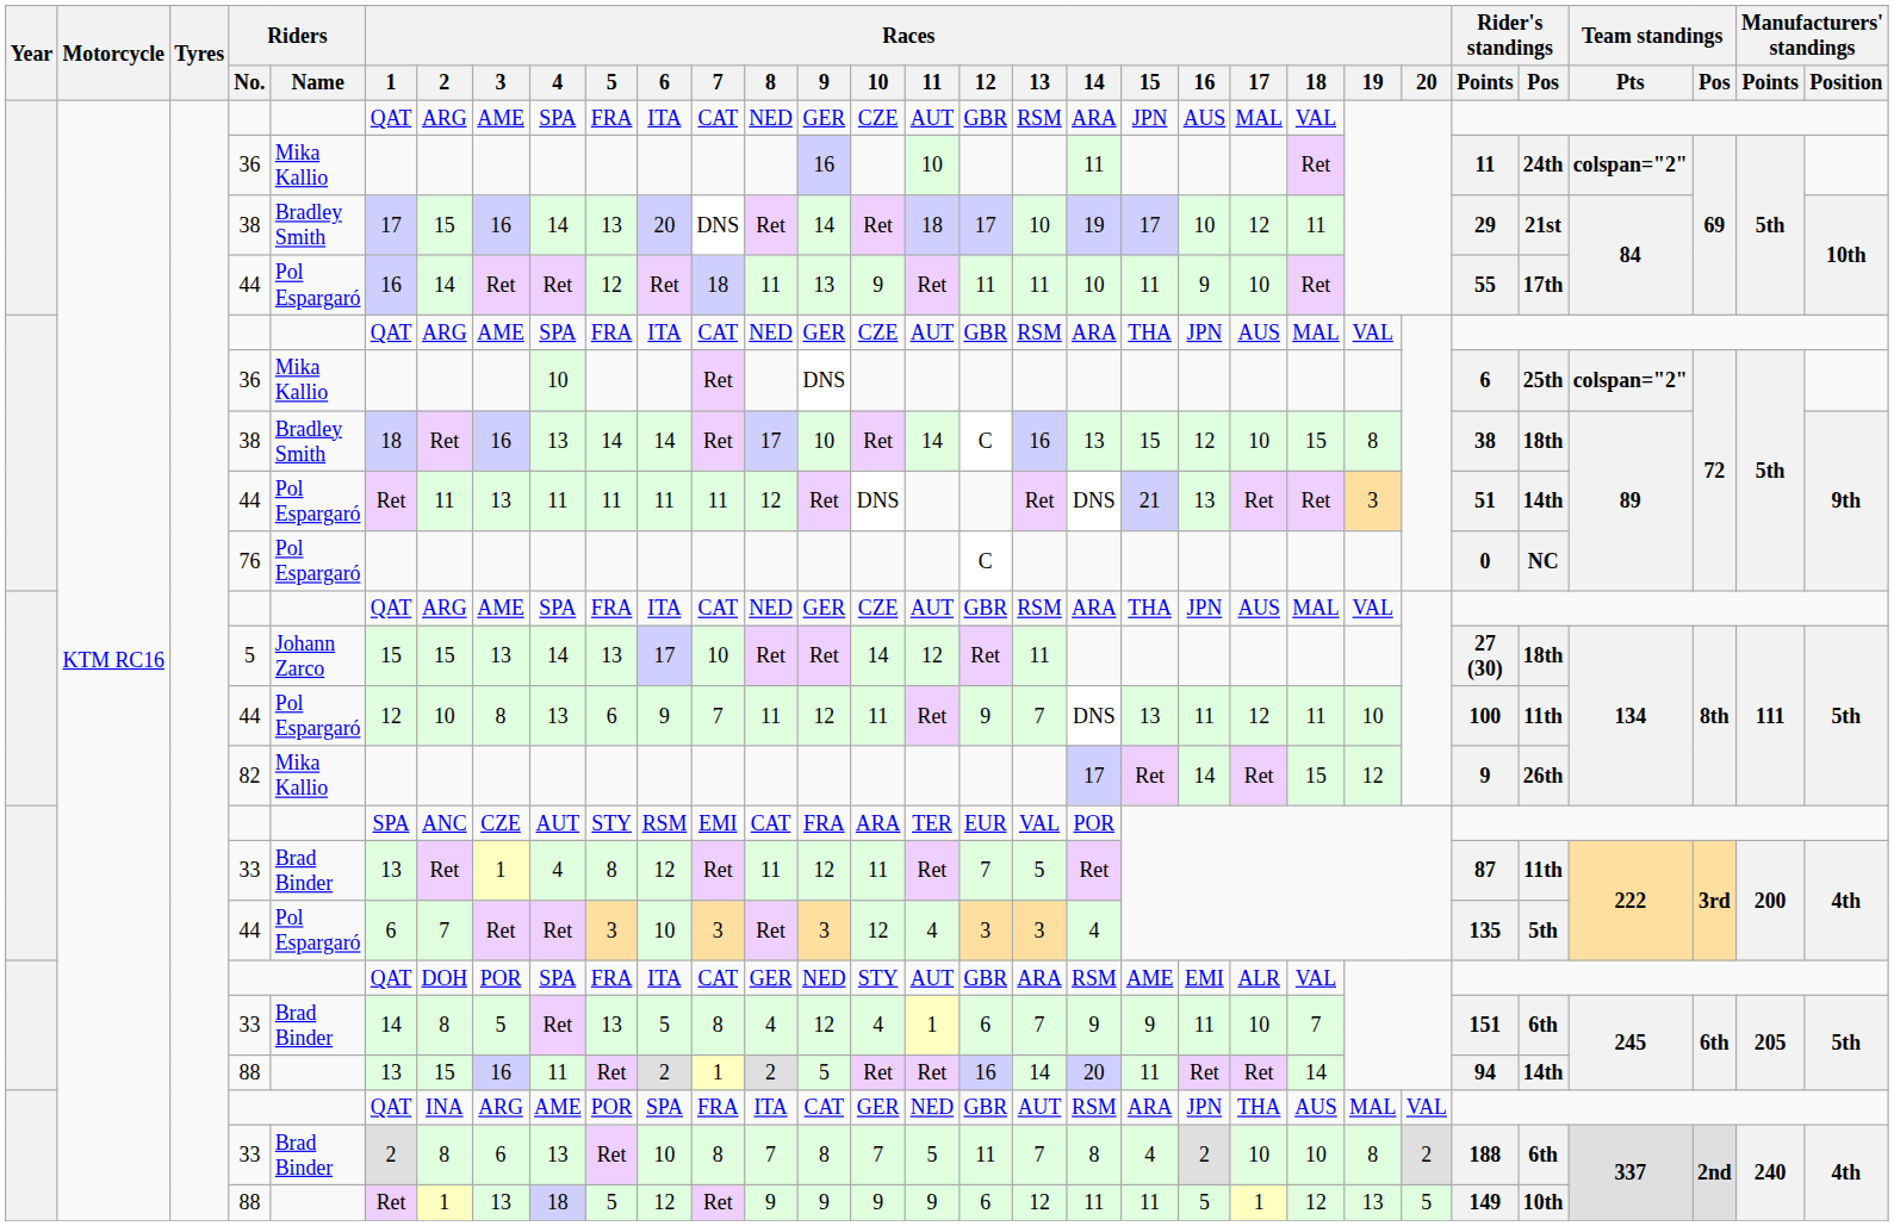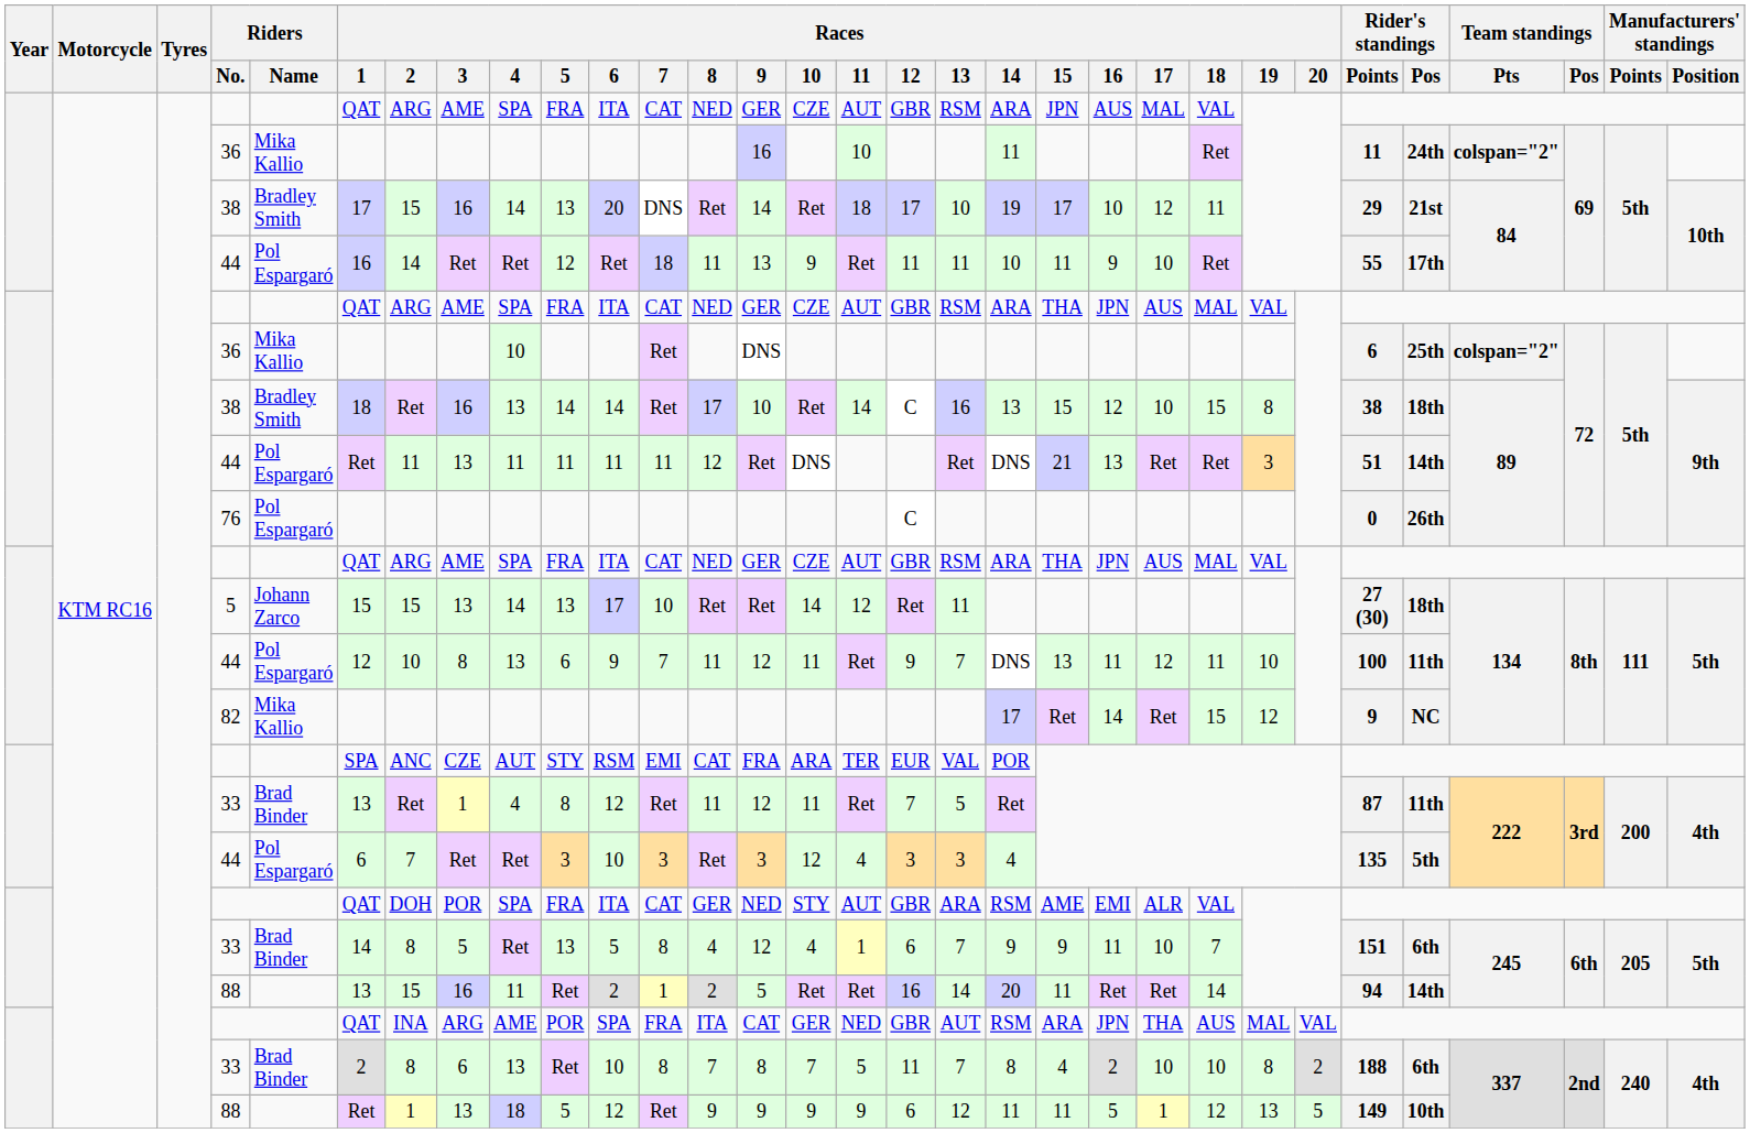 <table class="wikitable" border="1" style="text-align:center; font-size: 95%">
 <tr>
 <th rowspan="2">Year</th>
 <th rowspan="2">Motorcycle</th>
 <th rowspan="2">Tyres</th>
 <th colspan="2">Riders</th>
 <th colspan="20">Races</th>
 <th colspan="2">Rider's standings</th>
 <th colspan="2">Team standings</th>
 <th colspan="2">Manufacturers' standings</th>
 </tr>
 <tr>
 <th>No.</th>
 <th>Name</th>
 <th>1</th>
 <th>2</th>
 <th>3</th>
 <th>4</th>
 <th>5</th>
 <th>6</th>
 <th>7</th>
 <th>8</th>
 <th>9</th>
 <th>10</th>
 <th>11</th>
 <th>12</th>
 <th>13</th>
 <th>14</th>
 <th>15</th>
 <th>16</th>
 <th>17</th>
 <th>18</th>
 <th>19</th>
 <th>20</th>
 <th>Points</th>
 <th>Pos</th>
 <th>Pts</th>
 <th>Pos</th>
 <th>Points</th>
 <th>Position</th>
 </tr>
 <tr>
 <th rowspan="4"></th>
 <td rowspan="22"><a href='#'>KTM RC16</a></td>
 <td rowspan="22"></td>
 <td></td>
 <td></td>
 <td><a href='#'>QAT</a></td>
 <td><a href='#'>ARG</a></td>
 <td><a href='#'>AME</a></td>
 <td><a href='#'>SPA</a></td>
 <td><a href='#'>FRA</a></td>
 <td><a href='#'>ITA</a></td>
 <td><a href='#'>CAT</a></td>
 <td><a href='#'>NED</a></td>
 <td><a href='#'>GER</a></td>
 <td><a href='#'>CZE</a></td>
 <td><a href='#'>AUT</a></td>
 <td><a href='#'>GBR</a></td>
 <td><a href='#'>RSM</a></td>
 <td><a href='#'>ARA</a></td>
 <td><a href='#'>JPN</a></td>
 <td><a href='#'>AUS</a></td>
 <td><a href='#'>MAL</a></td>
 <td><a href='#'>VAL</a></td>
 <td rowspan="4" colspan="2"></td>
 <td colspan="6"></td>
 </tr>
 <tr>
 <td>36</td>
 <td align="left"> <a href='#'>Mika Kallio</a></td>
 <td></td>
 <td></td>
 <td></td>
 <td></td>
 <td></td>
 <td></td>
 <td></td>
 <td></td>
 <td style="background:#cfcfff;">16</td>
 <td></td>
 <td style="background:#dfffdf;">10</td>
 <td></td>
 <td></td>
 <td style="background:#dfffdf;">11</td>
 <td></td>
 <td></td>
 <td></td>
 <td style="background:#efcfff;">Ret</td>
 <th>11</th>
 <th>24th</th>
 <th>colspan="2" </th>
 <th rowspan="3">69</th>
 <th rowspan="3">5th</th>
 </tr>
 <tr>
 <td>38</td>
 <td align="left"> <a href='#'>Bradley Smith</a></td>
 <td style="background:#cfcfff;">17</td>
 <td style="background:#dfffdf;">15</td>
 <td style="background:#cfcfff;">16</td>
 <td style="background:#dfffdf;">14</td>
 <td style="background:#dfffdf;">13</td>
 <td style="background:#cfcfff;">20</td>
 <td style="background:#ffffff;">DNS</td>
 <td style="background:#efcfff;">Ret</td>
 <td style="background:#dfffdf;">14</td>
 <td style="background:#efcfff;">Ret</td>
 <td style="background:#cfcfff;">18</td>
 <td style="background:#cfcfff;">17</td>
 <td style="background:#dfffdf;">10</td>
 <td style="background:#cfcfff;">19</td>
 <td style="background:#cfcfff;">17</td>
 <td style="background:#dfffdf;">10</td>
 <td style="background:#dfffdf;">12</td>
 <td style="background:#dfffdf;">11</td>
 <th>29</th>
 <th>21st</th>
 <th rowspan="2">84</th>
 <th rowspan="2">10th</th>
 </tr>
 <tr>
 <td>44</td>
 <td align="left"> <a href='#'>Pol Espargaró</a></td>
 <td style="background:#cfcfff;">16</td>
 <td style="background:#dfffdf;">14</td>
 <td style="background:#efcfff;">Ret</td>
 <td style="background:#efcfff;">Ret</td>
 <td style="background:#dfffdf;">12</td>
 <td style="background:#efcfff;">Ret</td>
 <td style="background:#cfcfff;">18</td>
 <td style="background:#dfffdf;">11</td>
 <td style="background:#dfffdf;">13</td>
 <td style="background:#dfffdf;">9</td>
 <td style="background:#efcfff;">Ret</td>
 <td style="background:#dfffdf;">11</td>
 <td style="background:#dfffdf;">11</td>
 <td style="background:#dfffdf;">10</td>
 <td style="background:#dfffdf;">11</td>
 <td style="background:#dfffdf;">9</td>
 <td style="background:#dfffdf;">10</td>
 <td style="background:#efcfff;">Ret</td>
 <th>55</th>
 <th>17th</th>
 </tr>
 <tr>
 <th rowspan="5"></th>
 <td></td>
 <td></td>
 <td><a href='#'>QAT</a></td>
 <td><a href='#'>ARG</a></td>
 <td><a href='#'>AME</a></td>
 <td><a href='#'>SPA</a></td>
 <td><a href='#'>FRA</a></td>
 <td><a href='#'>ITA</a></td>
 <td><a href='#'>CAT</a></td>
 <td><a href='#'>NED</a></td>
 <td><a href='#'>GER</a></td>
 <td><a href='#'>CZE</a></td>
 <td><a href='#'>AUT</a></td>
 <td><a href='#'>GBR</a></td>
 <td><a href='#'>RSM</a></td>
 <td><a href='#'>ARA</a></td>
 <td><a href='#'>THA</a></td>
 <td><a href='#'>JPN</a></td>
 <td><a href='#'>AUS</a></td>
 <td><a href='#'>MAL</a></td>
 <td><a href='#'>VAL</a></td>
 <td rowspan="5"></td>
 <td colspan="6"></td>
 </tr>
 <tr>
 <td>36</td>
 <td align="left"> <a href='#'>Mika Kallio</a></td>
 <td></td>
 <td></td>
 <td></td>
 <td style="background:#dfffdf;">10</td>
 <td></td>
 <td></td>
 <td style="background:#efcfff;">Ret</td>
 <td></td>
 <td style="background:#ffffff;">DNS</td>
 <td></td>
 <td></td>
 <td></td>
 <td></td>
 <td></td>
 <td></td>
 <td></td>
 <td></td>
 <td></td>
 <td></td>
 <th>6</th>
 <th>25th</th>
 <th>colspan="2" </th>
 <th rowspan="4">72</th>
 <th rowspan="4">5th</th>
 </tr>
 <tr>
 <td>38</td>
 <td align="left"> <a href='#'>Bradley Smith</a></td>
 <td style="background:#cfcfff;">18</td>
 <td style="background:#efcfff;">Ret</td>
 <td style="background:#cfcfff;">16</td>
 <td style="background:#dfffdf;">13</td>
 <td style="background:#dfffdf;">14</td>
 <td style="background:#dfffdf;">14</td>
 <td style="background:#efcfff;">Ret</td>
 <td style="background:#cfcfff;">17</td>
 <td style="background:#dfffdf;">10</td>
 <td style="background:#efcfff;">Ret</td>
 <td style="background:#dfffdf;">14</td>
 <td style="background:#ffffff;">C</td>
 <td style="background:#cfcfff;">16</td>
 <td style="background:#dfffdf;">13</td>
 <td style="background:#dfffdf;">15</td>
 <td style="background:#dfffdf;">12</td>
 <td style="background:#dfffdf;">10</td>
 <td style="background:#dfffdf;">15</td>
 <td style="background:#dfffdf;">8</td>
 <th>38</th>
 <th>18th</th>
 <th rowspan="3">89</th>
 <th rowspan="3">9th</th>
 </tr>
 <tr>
 <td>44</td>
 <td align="left"> <a href='#'>Pol Espargaró</a></td>
 <td style="background:#efcfff;">Ret</td>
 <td style="background:#dfffdf;">11</td>
 <td style="background:#dfffdf;">13</td>
 <td style="background:#dfffdf;">11</td>
 <td style="background:#dfffdf;">11</td>
 <td style="background:#dfffdf;">11</td>
 <td style="background:#dfffdf;">11</td>
 <td style="background:#dfffdf;">12</td>
 <td style="background:#efcfff;">Ret</td>
 <td style="background:#ffffff;">DNS</td>
 <td></td>
 <td></td>
 <td style="background:#efcfff;">Ret</td>
 <td style="background:#ffffff;">DNS</td>
 <td style="background:#cfcfff;">21</td>
 <td style="background:#dfffdf;">13</td>
 <td style="background:#efcfff;">Ret</td>
 <td style="background:#efcfff;">Ret</td>
 <td style="background:#ffdf9f;">3</td>
 <th>51</th>
 <th>14th</th>
 </tr>
 <tr>
 <td>76</td>
 <td align="left"> <a href='#'>Pol Espargaró</a></td>
 <td></td>
 <td></td>
 <td></td>
 <td></td>
 <td></td>
 <td></td>
 <td></td>
 <td></td>
 <td></td>
 <td></td>
 <td></td>
 <td style="background:#ffffff;">C</td>
 <td></td>
 <td></td>
 <td></td>
 <td></td>
 <td></td>
 <td></td>
 <td></td>
 <th>0</th>
-<th>NC</th>
+<th>26th</th>
 </tr>
 <tr>
 <th rowspan="4"></th>
 <td></td>
 <td></td>
 <td><a href='#'>QAT</a></td>
 <td><a href='#'>ARG</a></td>
 <td><a href='#'>AME</a></td>
 <td><a href='#'>SPA</a></td>
 <td><a href='#'>FRA</a></td>
 <td><a href='#'>ITA</a></td>
 <td><a href='#'>CAT</a></td>
 <td><a href='#'>NED</a></td>
 <td><a href='#'>GER</a></td>
 <td><a href='#'>CZE</a></td>
 <td><a href='#'>AUT</a></td>
 <td><a href='#'>GBR</a></td>
 <td><a href='#'>RSM</a></td>
 <td><a href='#'>ARA</a></td>
 <td><a href='#'>THA</a></td>
 <td><a href='#'>JPN</a></td>
 <td><a href='#'>AUS</a></td>
 <td><a href='#'>MAL</a></td>
 <td><a href='#'>VAL</a></td>
 <td rowspan="4"></td>
 <td colspan="6"></td>
 </tr>
 <tr>
 <td>5</td>
 <td align="left"> <a href='#'>Johann Zarco</a></td>
 <td style="background:#dfffdf;">15</td>
 <td style="background:#dfffdf;">15</td>
 <td style="background:#dfffdf;">13</td>
 <td style="background:#dfffdf;">14</td>
 <td style="background:#dfffdf;">13</td>
 <td style="background:#cfcfff;">17</td>
 <td style="background:#dfffdf;">10</td>
 <td style="background:#efcfff;">Ret</td>
 <td style="background:#efcfff;">Ret</td>
 <td style="background:#dfffdf;">14</td>
 <td style="background:#dfffdf;">12</td>
 <td style="background:#efcfff;">Ret</td>
 <td style="background:#dfffdf;">11</td>
 <td></td>
 <td></td>
 <td></td>
 <td></td>
 <td></td>
 <td></td>
 <th>27 (30)</th>
 <th>18th</th>
 <th rowspan="3">134</th>
 <th rowspan="3">8th</th>
 <th rowspan="3">111</th>
 <th rowspan="3">5th</th>
 </tr>
 <tr>
 <td>44</td>
 <td align="left"> <a href='#'>Pol Espargaró</a></td>
 <td style="background:#dfffdf;">12</td>
 <td style="background:#dfffdf;">10</td>
 <td style="background:#dfffdf;">8</td>
 <td style="background:#dfffdf;">13</td>
 <td style="background:#dfffdf;">6</td>
 <td style="background:#dfffdf;">9</td>
 <td style="background:#dfffdf;">7</td>
 <td style="background:#dfffdf;">11</td>
 <td style="background:#dfffdf;">12</td>
 <td style="background:#dfffdf;">11</td>
 <td style="background:#efcfff;">Ret</td>
 <td style="background:#dfffdf;">9</td>
 <td style="background:#dfffdf;">7</td>
 <td style="background:#ffffff;">DNS</td>
 <td style="background:#dfffdf;">13</td>
 <td style="background:#dfffdf;">11</td>
 <td style="background:#dfffdf;">12</td>
 <td style="background:#dfffdf;">11</td>
 <td style="background:#dfffdf;">10</td>
 <th>100</th>
 <th>11th</th>
 </tr>
 <tr>
 <td>82</td>
 <td align="left"> <a href='#'>Mika Kallio</a></td>
 <td></td>
 <td></td>
 <td></td>
 <td></td>
 <td></td>
 <td></td>
 <td></td>
 <td></td>
 <td></td>
 <td></td>
 <td></td>
 <td></td>
 <td></td>
 <td style="background:#cfcfff;">17</td>
 <td style="background:#efcfff;">Ret</td>
 <td style="background:#dfffdf;">14</td>
 <td style="background:#efcfff;">Ret</td>
 <td style="background:#dfffdf;">15</td>
 <td style="background:#dfffdf;">12</td>
 <th>9</th>
-<th>26th</th>
+<th>NC</th>
 </tr>
 <tr>
 <th rowspan="3"></th>
 <td></td>
 <td></td>
 <td><a href='#'>SPA</a></td>
 <td><a href='#'>ANC</a></td>
 <td><a href='#'>CZE</a></td>
 <td><a href='#'>AUT</a></td>
 <td><a href='#'>STY</a></td>
 <td><a href='#'>RSM</a></td>
 <td><a href='#'>EMI</a></td>
 <td><a href='#'>CAT</a></td>
 <td><a href='#'>FRA</a></td>
 <td><a href='#'>ARA</a></td>
 <td><a href='#'>TER</a></td>
 <td><a href='#'>EUR</a></td>
 <td><a href='#'>VAL</a></td>
 <td><a href='#'>POR</a></td>
 <td rowspan="3" colspan="6"></td>
 <td colspan="6"></td>
 </tr>
 <tr>
 <td>33</td>
 <td align="left"> <a href='#'>Brad Binder</a></td>
 <td style="background:#dfffdf;">13</td>
 <td style="background:#efcfff;">Ret</td>
 <td style="background:#ffffbf;">1</td>
 <td style="background:#dfffdf;">4</td>
 <td style="background:#dfffdf;">8</td>
 <td style="background:#dfffdf;">12</td>
 <td style="background:#efcfff;">Ret</td>
 <td style="background:#dfffdf;">11</td>
 <td style="background:#dfffdf;">12</td>
 <td style="background:#dfffdf;">11</td>
 <td style="background:#efcfff;">Ret</td>
 <td style="background:#dfffdf;">7</td>
 <td style="background:#dfffdf;">5</td>
 <td style="background:#efcfff;">Ret</td>
 <th>87</th>
 <th>11th</th>
 <th rowspan="2" style="background:#ffdf9f;">222</th>
 <th rowspan="2" style="background:#ffdf9f;">3rd</th>
 <th rowspan="2">200</th>
 <th rowspan="2">4th</th>
 </tr>
 <tr>
 <td>44</td>
 <td align="left"> <a href='#'>Pol Espargaró</a></td>
 <td style="background:#dfffdf;">6</td>
 <td style="background:#dfffdf;">7</td>
 <td style="background:#efcfff;">Ret</td>
 <td style="background:#efcfff;">Ret</td>
 <td style="background:#ffdf9f;">3</td>
 <td style="background:#dfffdf;">10</td>
 <td style="background:#ffdf9f;">3</td>
 <td style="background:#efcfff;">Ret</td>
 <td style="background:#ffdf9f;">3</td>
 <td style="background:#dfffdf;">12</td>
 <td style="background:#dfffdf;">4</td>
 <td style="background:#ffdf9f;">3</td>
 <td style="background:#ffdf9f;">3</td>
 <td style="background:#dfffdf;">4</td>
 <th>135</th>
 <th>5th</th>
 </tr>
 <tr>
 <th rowspan="3"></th>
 <td colspan="2"></td>
 <td><a href='#'>QAT</a></td>
 <td><a href='#'>DOH</a></td>
 <td><a href='#'>POR</a></td>
 <td><a href='#'>SPA</a></td>
 <td><a href='#'>FRA</a></td>
 <td><a href='#'>ITA</a></td>
 <td><a href='#'>CAT</a></td>
 <td><a href='#'>GER</a></td>
 <td><a href='#'>NED</a></td>
 <td><a href='#'>STY</a></td>
 <td><a href='#'>AUT</a></td>
 <td><a href='#'>GBR</a></td>
 <td><a href='#'>ARA</a></td>
 <td><a href='#'>RSM</a></td>
 <td><a href='#'>AME</a></td>
 <td><a href='#'>EMI</a></td>
 <td><a href='#'>ALR</a></td>
 <td><a href='#'>VAL</a></td>
 <td rowspan="3" colspan="2"></td>
 <td colspan="6"></td>
 </tr>
 <tr>
 <td>33</td>
 <td align="left"> <a href='#'>Brad Binder</a></td>
 <td style="background:#dfffdf;">14</td>
 <td style="background:#dfffdf;">8</td>
 <td style="background:#dfffdf;">5</td>
 <td style="background:#efcfff;">Ret</td>
 <td style="background:#dfffdf;">13</td>
 <td style="background:#dfffdf;">5</td>
 <td style="background:#dfffdf;">8</td>
 <td style="background:#dfffdf;">4</td>
 <td style="background:#dfffdf;">12</td>
 <td style="background:#dfffdf;">4</td>
 <td style="background:#ffffbf;">1</td>
 <td style="background:#dfffdf;">6</td>
 <td style="background:#dfffdf;">7</td>
 <td style="background:#dfffdf;">9</td>
 <td style="background:#dfffdf;">9</td>
 <td style="background:#dfffdf;">11</td>
 <td style="background:#dfffdf;">10</td>
 <td style="background:#dfffdf;">7</td>
 <th>151</th>
 <th>6th</th>
 <th rowspan="2">245</th>
 <th rowspan="2">6th</th>
 <th rowspan="2">205</th>
 <th rowspan="2">5th</th>
 </tr>
 <tr>
 <td>88</td>
 <td align="left"></td>
 <td style="background:#dfffdf;">13</td>
 <td style="background:#dfffdf;">15</td>
 <td style="background:#cfcfff;">16</td>
 <td style="background:#dfffdf;">11</td>
 <td style="background:#efcfff;">Ret</td>
 <td style="background:#dfdfdf;">2</td>
 <td style="background:#ffffbf;">1</td>
 <td style="background:#dfdfdf;">2</td>
 <td style="background:#dfffdf;">5</td>
 <td style="background:#efcfff;">Ret</td>
 <td style="background:#efcfff;">Ret</td>
 <td style="background:#cfcfff;">16</td>
 <td style="background:#dfffdf;">14</td>
 <td style="background:#cfcfff;">20</td>
 <td style="background:#dfffdf;">11</td>
 <td style="background:#efcfff;">Ret</td>
 <td style="background:#efcfff;">Ret</td>
 <td style="background:#dfffdf;">14</td>
 <th>94</th>
 <th>14th</th>
 </tr>
 <tr>
 <th rowspan="3"></th>
 <td colspan="2"></td>
 <td><a href='#'>QAT</a></td>
 <td><a href='#'>INA</a></td>
 <td><a href='#'>ARG</a></td>
 <td><a href='#'>AME</a></td>
 <td><a href='#'>POR</a></td>
 <td><a href='#'>SPA</a></td>
 <td><a href='#'>FRA</a></td>
 <td><a href='#'>ITA</a></td>
 <td><a href='#'>CAT</a></td>
 <td><a href='#'>GER</a></td>
 <td><a href='#'>NED</a></td>
 <td><a href='#'>GBR</a></td>
 <td><a href='#'>AUT</a></td>
 <td><a href='#'>RSM</a></td>
 <td><a href='#'>ARA</a></td>
 <td><a href='#'>JPN</a></td>
 <td><a href='#'>THA</a></td>
 <td><a href='#'>AUS</a></td>
 <td><a href='#'>MAL</a></td>
 <td><a href='#'>VAL</a></td>
 <td colspan=8></td>
 </tr>
 <tr>
 <td>33</td>
 <td align="left"> <a href='#'>Brad Binder</a></td>
 <td style="background:#dfdfdf;">2</td>
 <td style="background:#dfffdf;">8</td>
 <td style="background:#dfffdf;">6</td>
 <td style="background:#dfffdf;">13</td>
 <td style="background:#efcfff;">Ret</td>
 <td style="background:#dfffdf;">10</td>
 <td style="background:#dfffdf;">8</td>
 <td style="background:#dfffdf;">7</td>
 <td style="background:#dfffdf;">8</td>
 <td style="background:#dfffdf;">7</td>
 <td style="background:#dfffdf;">5</td>
 <td style="background:#dfffdf;">11</td>
 <td style="background:#dfffdf;">7</td>
 <td style="background:#dfffdf;">8</td>
 <td style="background:#dfffdf;">4</td>
 <td style="background:#dfdfdf;">2</td>
 <td style="background:#dfffdf;">10</td>
 <td style="background:#dfffdf;">10</td>
 <td style="background:#dfffdf;">8</td>
 <td style="background:#dfdfdf;">2</td>
 <th>188</th>
 <th>6th</th>
 <th rowspan="2" style="background:#dfdfdf;">337</th>
 <th rowspan="2" style="background:#dfdfdf;">2nd</th>
 <th rowspan="2">240</th>
 <th rowspan="2">4th</th>
 </tr>
 <tr>
 <td>88</td>
 <td align="left"></td>
 <td style="background:#efcfff;">Ret</td>
 <td style="background:#ffffbf;">1</td>
 <td style="background:#dfffdf;">13</td>
 <td style="background:#cfcfff;">18</td>
 <td style="background:#dfffdf;">5</td>
 <td style="background:#dfffdf;">12</td>
 <td style="background:#efcfff;">Ret</td>
 <td style="background:#dfffdf;">9</td>
 <td style="background:#dfffdf;">9</td>
 <td style="background:#dfffdf;">9</td>
 <td style="background:#dfffdf;">9</td>
 <td style="background:#dfffdf;">6</td>
 <td style="background:#dfffdf;">12</td>
 <td style="background:#dfffdf;">11</td>
 <td style="background:#dfffdf;">11</td>
 <td style="background:#dfffdf;">5</td>
 <td style="background:#ffffbf;">1</td>
 <td style="background:#dfffdf;">12</td>
 <td style="background:#dfffdf;">13</td>
 <td style="background:#dfffdf;">5</td>
 <th>149</th>
 <th>10th</th>
 </tr>
 </table>
